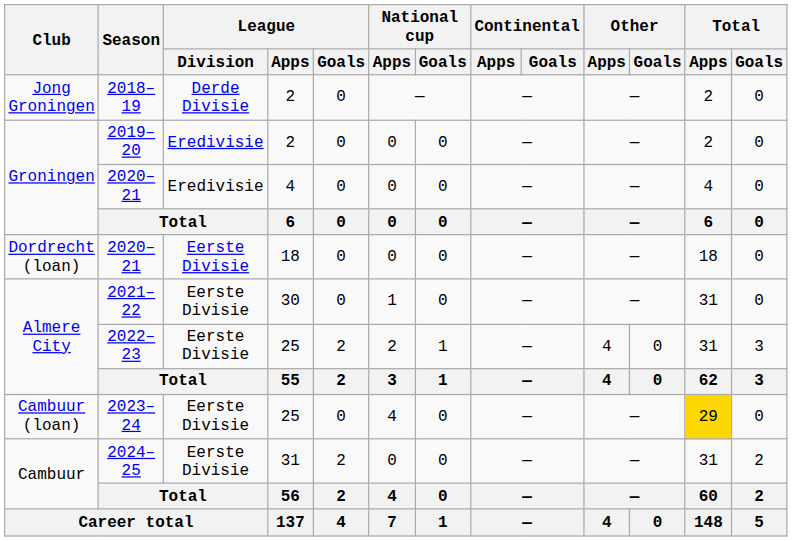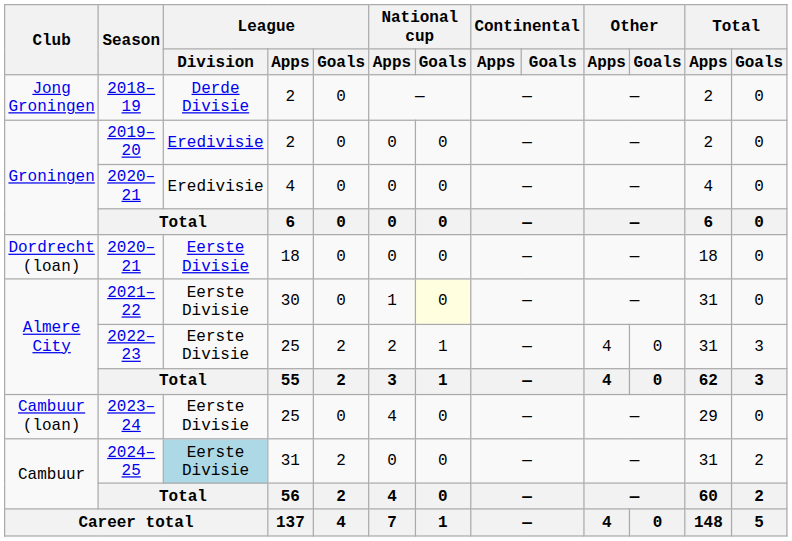 <table class="wikitable" style="text-align:center">
 <tr>
 <th rowspan="2">Club</th>
 <th rowspan="2">Season</th>
 <th colspan="3">League</th>
 <th colspan="2">National cup</th>
 <th colspan="2">Continental</th>
 <th colspan="2">Other</th>
 <th colspan="2">Total</th>
 </tr>
 <tr>
 <th>Division</th>
 <th>Apps</th>
 <th>Goals</th>
 <th>Apps</th>
 <th>Goals</th>
 <th>Apps</th>
 <th>Goals</th>
 <th>Apps</th>
 <th>Goals</th>
 <th>Apps</th>
 <th>Goals</th>
 </tr>
 <tr>
 <td><a href='#'>Jong Groningen</a></td>
 <td><a href='#'>2018–19</a></td>
 <td><a href='#'>Derde Divisie</a></td>
 <td>2</td>
 <td>0</td>
 <td colspan="2">—</td>
 <td colspan="2">—</td>
 <td colspan="2">—</td>
 <td>2</td>
 <td>0</td>
 </tr>
 <tr>
 <td rowspan="3"><a href='#'>Groningen</a></td>
 <td><a href='#'>2019–20</a></td>
 <td><a href='#'>Eredivisie</a></td>
 <td>2</td>
 <td>0</td>
 <td>0</td>
 <td>0</td>
 <td colspan="2">—</td>
 <td colspan="2">—</td>
 <td>2</td>
 <td>0</td>
 </tr>
 <tr>
 <td><a href='#'>2020–21</a></td>
 <td>Eredivisie</td>
 <td>4</td>
 <td>0</td>
 <td>0</td>
 <td>0</td>
 <td colspan="2">—</td>
 <td colspan="2">—</td>
 <td>4</td>
 <td>0</td>
 </tr>
 <tr>
 <th colspan="2">Total</th>
 <th>6</th>
 <th>0</th>
 <th>0</th>
 <th>0</th>
 <th colspan="2">—</th>
 <th colspan="2">—</th>
 <th>6</th>
 <th>0</th>
 </tr>
 <tr>
 <td><a href='#'>Dordrecht</a> (loan)</td>
 <td><a href='#'>2020–21</a></td>
 <td><a href='#'>Eerste Divisie</a></td>
 <td>18</td>
 <td>0</td>
 <td>0</td>
 <td>0</td>
 <td colspan="2">—</td>
 <td colspan="2">—</td>
 <td>18</td>
 <td>0</td>
 </tr>
 <tr>
 <td rowspan="3"><a href='#'>Almere City</a></td>
 <td><a href='#'>2021–22</a></td>
 <td>Eerste Divisie</td>
 <td>30</td>
 <td>0</td>
 <td>1</td>
-<td>0</td>
+<td style="background: lightyellow;">0</td>
 <td colspan="2">—</td>
 <td colspan="2">—</td>
 <td>31</td>
 <td>0</td>
 </tr>
 <tr>
 <td><a href='#'>2022–23</a></td>
 <td>Eerste Divisie</td>
 <td>25</td>
 <td>2</td>
 <td>2</td>
 <td>1</td>
 <td colspan="2">—</td>
 <td>4</td>
 <td>0</td>
 <td>31</td>
 <td>3</td>
 </tr>
 <tr>
 <th colspan="2">Total</th>
 <th>55</th>
 <th>2</th>
 <th>3</th>
 <th>1</th>
 <th colspan="2">—</th>
 <th>4</th>
 <th>0</th>
 <th>62</th>
 <th>3</th>
 </tr>
 <tr>
 <td><a href='#'>Cambuur</a> (loan)</td>
 <td><a href='#'>2023–24</a></td>
 <td>Eerste Divisie</td>
 <td>25</td>
 <td>0</td>
 <td>4</td>
 <td>0</td>
 <td colspan="2">—</td>
 <td colspan="2">—</td>
-<td style="background: gold;">29</td>
+<td>29</td>
 <td>0</td>
 </tr>
 <tr>
 <td rowspan="2">Cambuur</td>
 <td><a href='#'>2024–25</a></td>
-<td>Eerste Divisie</td>
+<td style="background: lightblue;">Eerste Divisie</td>
 <td>31</td>
 <td>2</td>
 <td>0</td>
 <td>0</td>
 <td colspan="2">—</td>
 <td colspan="2">—</td>
 <td>31</td>
 <td>2</td>
 </tr>
 <tr>
 <th colspan="2">Total</th>
 <th>56</th>
 <th>2</th>
 <th>4</th>
 <th>0</th>
 <th colspan="2">—</th>
 <th colspan="2">—</th>
 <th>60</th>
 <th>2</th>
 </tr>
 <tr>
 <th colspan="3">Career total</th>
 <th>137</th>
 <th>4</th>
 <th>7</th>
 <th>1</th>
 <th colspan="2">—</th>
 <th>4</th>
 <th>0</th>
 <th>148</th>
 <th>5</th>
 </tr>
 </table>
